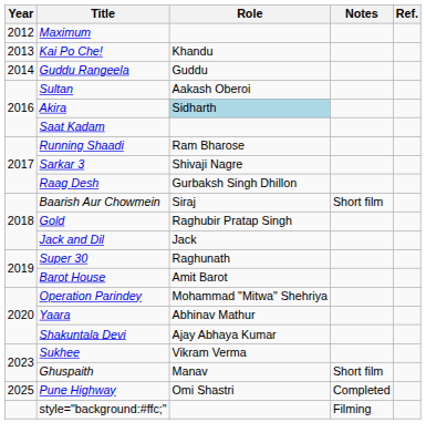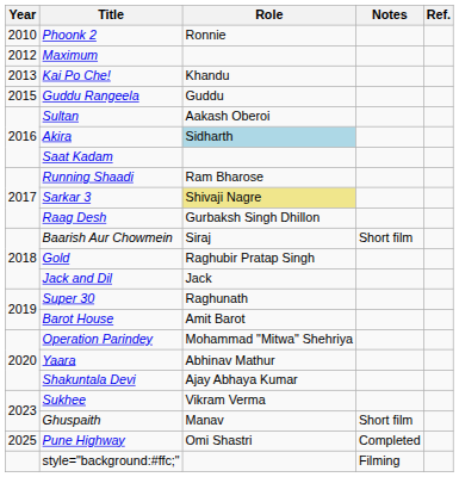 <table class="wikitable sortable plainrowheaders">
 <tr>
 <th scope="col">Year</th>
 <th scope="col">Title</th>
 <th scope="col">Role</th>
 <th>Notes</th>
 <th scope="col">Ref.</th>
+</tr>
+<tr>
+<td>2010</td>
+<td><em><a href='#'>Phoonk 2</a></em></td>
+<td>Ronnie</td>
+<td></td>
+<td></td>
 </tr>
 <tr>
 <td>2012</td>
 <td><em><a href='#'>Maximum</a></em></td>
 <td></td>
 <td></td>
 <td></td>
 </tr>
 <tr>
 <td>2013</td>
 <td><em><a href='#'>Kai Po Che!</a></em></td>
 <td>Khandu</td>
 <td></td>
 <td></td>
 </tr>
 <tr>
-<td>2014</td>
+<td>2015</td>
 <td><em><a href='#'>Guddu Rangeela</a></em></td>
 <td>Guddu</td>
 <td></td>
 <td></td>
 </tr>
 <tr>
 <td rowspan="3">2016</td>
 <td><em> <a href='#'>Sultan</a></em></td>
 <td>Aakash Oberoi</td>
 <td></td>
 <td></td>
 </tr>
 <tr>
 <td><em><a href='#'>Akira</a></em></td>
 <td style="background: lightblue;">Sidharth</td>
 <td></td>
 <td></td>
 </tr>
 <tr>
 <td><em><a href='#'>Saat Kadam</a></em></td>
 <td></td>
 <td></td>
 <td></td>
 </tr>
 <tr>
 <td rowspan="3">2017</td>
 <td><em><a href='#'>Running Shaadi</a></em></td>
 <td>Ram Bharose</td>
 <td></td>
 <td></td>
 </tr>
 <tr>
 <td><em><a href='#'>Sarkar 3</a></em></td>
-<td>Shivaji Nagre</td>
+<td style="background: khaki;">Shivaji Nagre</td>
 <td></td>
 <td></td>
 </tr>
 <tr>
 <td><em><a href='#'>Raag Desh</a></em></td>
 <td>Gurbaksh Singh Dhillon</td>
 <td></td>
 <td></td>
 </tr>
 <tr>
 <td rowspan="3">2018</td>
 <td><em>Baarish Aur Chowmein</em></td>
 <td>Siraj</td>
 <td>Short film</td>
 <td></td>
 </tr>
 <tr>
 <td><em><a href='#'>Gold</a></em></td>
 <td>Raghubir Pratap Singh</td>
 <td></td>
 <td></td>
 </tr>
 <tr>
 <td><em><a href='#'>Jack and Dil</a></em></td>
 <td>Jack</td>
 <td></td>
 <td></td>
 </tr>
 <tr>
 <td rowspan="2">2019</td>
 <td><em><a href='#'>Super 30</a></em></td>
 <td>Raghunath</td>
 <td></td>
 <td></td>
 </tr>
 <tr>
 <td><em><a href='#'>Barot House</a></em></td>
 <td>Amit Barot</td>
 <td></td>
 <td></td>
 </tr>
 <tr>
 <td rowspan="3">2020</td>
 <td><em><a href='#'>Operation Parindey</a></em></td>
 <td>Mohammad "Mitwa" Shehriya</td>
 <td></td>
 <td></td>
 </tr>
 <tr>
 <td><em><a href='#'>Yaara</a></em></td>
 <td>Abhinav Mathur</td>
 <td></td>
 <td></td>
 </tr>
 <tr>
 <td><em><a href='#'>Shakuntala Devi</a></em></td>
 <td>Ajay Abhaya Kumar</td>
 <td></td>
 <td></td>
 </tr>
 <tr>
 <td rowspan="2">2023</td>
 <td><em><a href='#'>Sukhee</a></em></td>
 <td>Vikram Verma</td>
 <td></td>
 <td></td>
 </tr>
 <tr>
 <td><em>Ghuspaith</em></td>
 <td>Manav</td>
 <td>Short film</td>
 <td></td>
 </tr>
 <tr>
 <td>2025</td>
 <td><em><a href='#'>Pune Highway</a></em></td>
 <td>Omi Shastri</td>
 <td>Completed</td>
 <td></td>
 </tr>
 <tr>
 <td></td>
 <td>style="background:#ffc;" <em></em></td>
 <td></td>
 <td>Filming</td>
 <td></td>
 </tr>
 </table>
